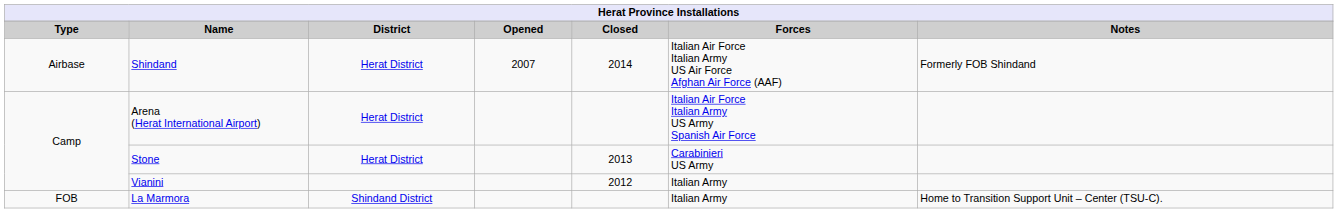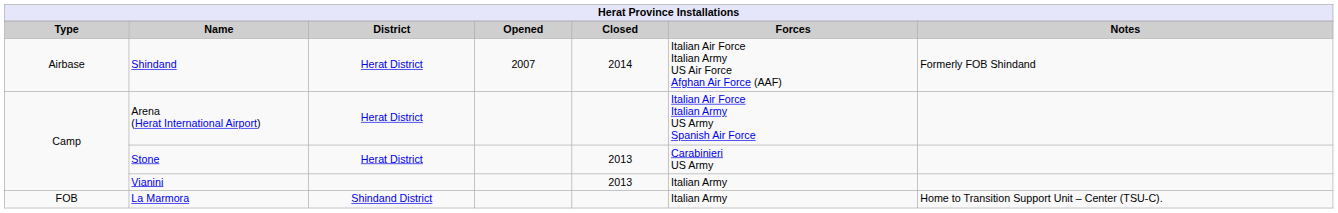 <table class="wikitable sortable" width="100%">
 <tr>
 <th style="align: center; background: lavender" colspan="7"><strong>Herat Province Installations</strong></th>
 </tr>
 <tr style="background:#efefef; color:black">
 </tr>
 <tr>
 <th style="background-color:#cfcfcf;" align="center" width="9%" align="center">Type</th>
 <th style="background-color:#cfcfcf;" align="center" width="13%">Name</th>
 <th style="background-color:#cfcfcf;" align="center" width="12%">District</th>
 <th style="background-color:#cfcfcf;" align="center" width="7%">Opened</th>
 <th style="background-color:#cfcfcf;" align="center" width="7%">Closed</th>
 <th style="background-color:#cfcfcf;" align="center" width="18%" class="unsortable">Forces</th>
 <th style="background-color:#cfcfcf;" align="center" width="30%" class="unsortable">Notes</th>
 </tr>
 <tr>
 <td align="center">Airbase</td>
 <td><a href='#'>Shindand</a></td>
 <td align="center"><a href='#'>Herat District</a></td>
 <td align="center">2007</td>
 <td align="center">2014</td>
 <td> Italian Air Force<br> Italian Army<br> US Air Force<br><a href='#'>Afghan Air Force</a> (AAF)</td>
 <td>Formerly FOB Shindand</td>
 </tr>
 <tr>
 <td rowspan="3" align="center">Camp</td>
 <td>Arena<br>(<a href='#'>Herat International Airport</a>)</td>
 <td align="center"><a href='#'>Herat District</a></td>
 <td align="center"></td>
 <td align="center"></td>
 <td> <a href='#'>Italian Air Force</a><br>  <a href='#'>Italian Army</a><br> US Army <br> <a href='#'>Spanish Air Force</a></td>
 <td></td>
 </tr>
 <tr>
 <td><a href='#'>Stone</a></td>
 <td align="center"><a href='#'>Herat District</a></td>
 <td align="center"></td>
 <td align="center">2013</td>
 <td> <a href='#'>Carabinieri</a><br> US Army</td>
 <td></td>
 </tr>
 <tr>
 <td><a href='#'>Vianini</a></td>
 <td align="center"></td>
 <td align="center"></td>
-<td align="center">2012</td>
+<td align="center">2013</td>
 <td> Italian Army</td>
 <td></td>
 </tr>
 <tr>
 <td align="center">FOB</td>
 <td><a href='#'>La Marmora</a></td>
 <td align="center"><a href='#'>Shindand District</a></td>
 <td align="center"></td>
 <td align="center"></td>
 <td> Italian Army</td>
 <td>Home to Transition Support Unit – Center (TSU-C).</td>
 </tr>
 </table>
